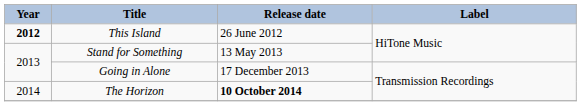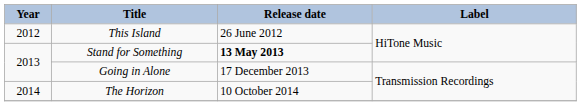 <table class="wikitable" style="font-size:90%" border="2" cellpadding="4" background: #f9f9f9; width="80%">
 <tr align="center">
 <th style="background:#B0C4DE">Year</th>
 <th style="background:#B0C4DE">Title</th>
 <th style="background:#B0C4DE">Release date</th>
 <th style="background:#B0C4DE">Label</th>
 </tr>
 <tr>
-<td align="center"><strong>2012</strong></td>
+<td align="center">2012</td>
 <td align="center"><em>This Island</em></td>
 <td>26 June 2012</td>
 <td rowspan="2">HiTone Music</td>
 </tr>
 <tr>
 <td align="center" rowspan="2">2013</td>
 <td align="center"><em>Stand for Something</em></td>
-<td>13 May 2013</td>
+<td><strong>13 May 2013</strong></td>
 </tr>
 <tr>
 <td align="center"><em>Going in Alone</em></td>
 <td>17 December 2013</td>
 <td rowspan="2">Transmission Recordings</td>
 </tr>
 <tr>
 <td align="center">2014</td>
 <td align="center"><em>The Horizon</em></td>
-<td><strong>10 October 2014</strong></td>
+<td>10 October 2014</td>
 </tr>
 <tr>
 </tr>
 </table>
